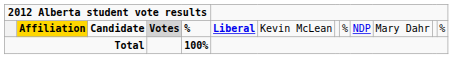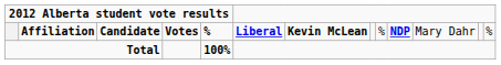 <table class="wikitable">
 <tr>
 <td colspan="5" align=center><strong>2012 Alberta student vote results</strong></td>
 </tr>
 <tr>
 <th style="width: 10px;"></th>
-<td style="background: gold;"><strong>Affiliation</strong></td>
+<td><strong>Affiliation</strong></td>
 <td><strong>Candidate</strong></td>
-<td style="background: lightgrey;"><strong>Votes</strong></td>
+<td><strong>Votes</strong></td>
 <td><strong>%</strong><br>  </td>
 <td><strong><a href='#'>Liberal</a></strong></td>
-<td>Kevin McLean</td>
+<td><strong>Kevin McLean</strong></td>
 <td></td>
 <td>%<br></td>
-<td><a href='#'>NDP</a></td>
+<td><strong><a href='#'>NDP</a></strong></td>
 <td>Mary Dahr</td>
 <td></td>
 <td>%</td>
 </tr>
 <tr>
 <td colspan="3" align="right"><strong>Total</strong></td>
 <td></td>
 <td><strong>100%</strong></td>
 </tr>
 </table>
